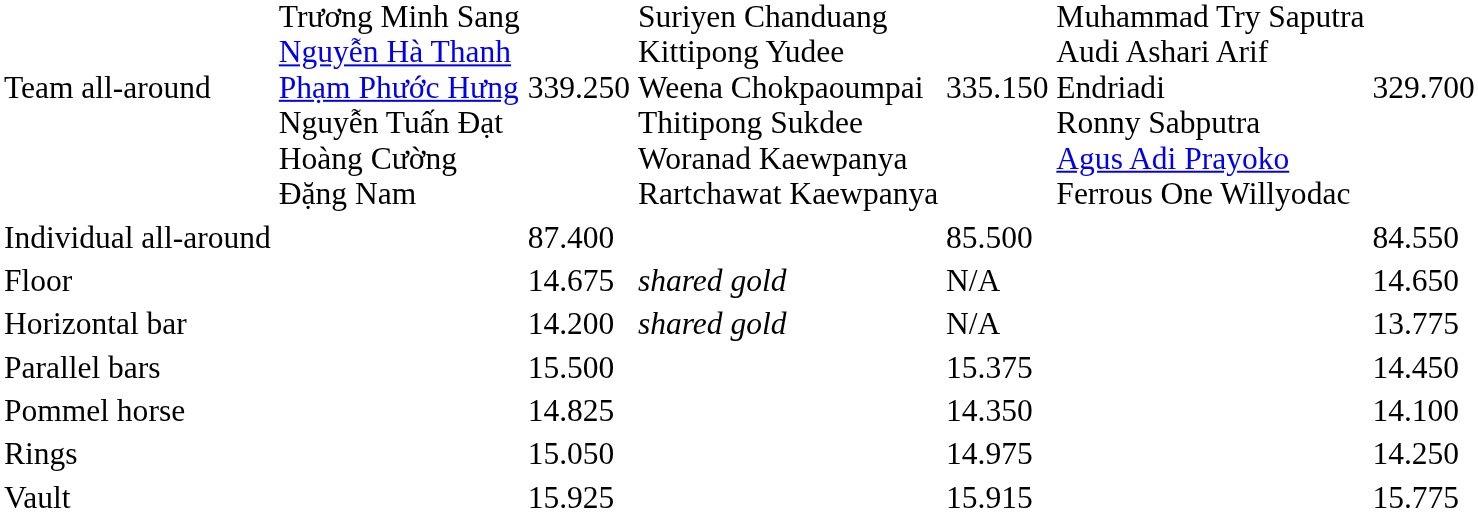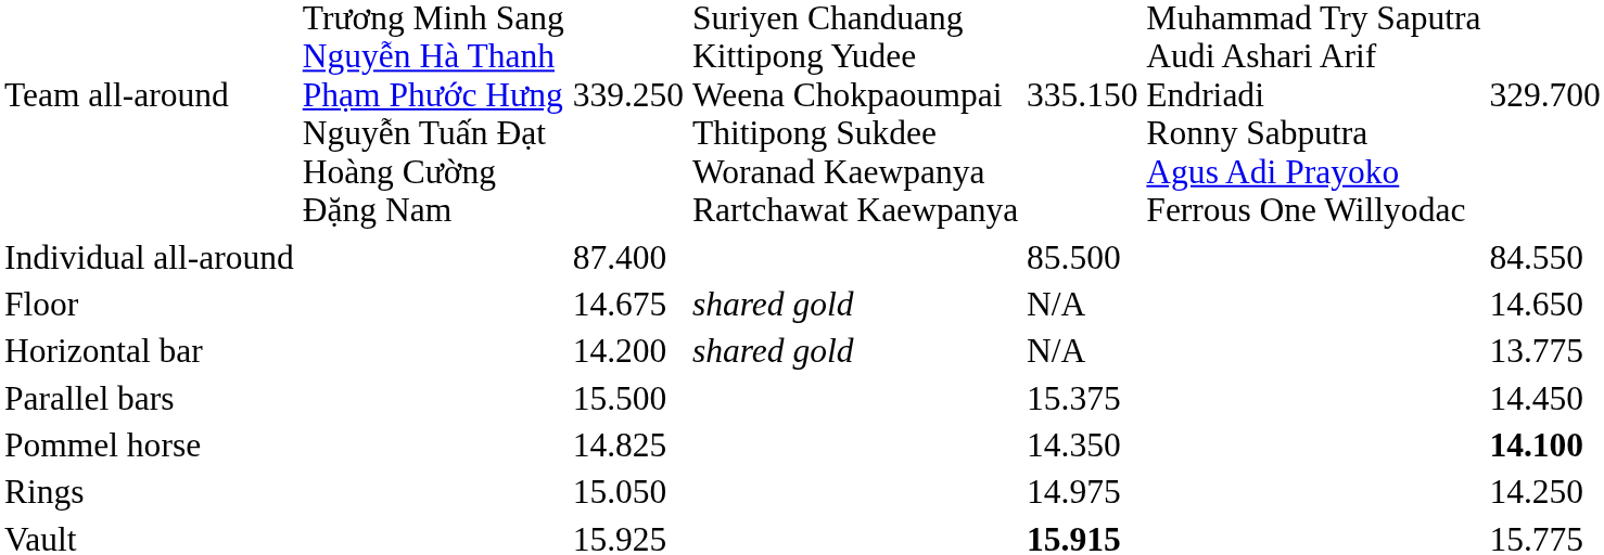 <table>
 <tr>
 <td>Team all-around</td>
 <td valign=top><br>Trương Minh Sang<br><a href='#'>Nguyễn Hà Thanh</a><br><a href='#'>Phạm Phước Hưng</a><br>Nguyễn Tuấn Đạt<br>Hoàng Cường<br>Đặng Nam</td>
 <td>339.250</td>
 <td valign=top><br>Suriyen Chanduang<br>Kittipong Yudee<br>Weena Chokpaoumpai<br>Thitipong Sukdee<br>Woranad Kaewpanya<br>Rartchawat Kaewpanya</td>
 <td>335.150</td>
 <td valign=top><br>Muhammad Try Saputra<br>Audi Ashari Arif<br>Endriadi<br>Ronny Sabputra<br><a href='#'>Agus Adi Prayoko</a><br>Ferrous One Willyodac</td>
 <td>329.700</td>
 </tr>
 <tr>
 <td>Individual all-around</td>
 <td></td>
 <td>87.400</td>
 <td></td>
 <td>85.500</td>
 <td></td>
 <td>84.550</td>
 </tr>
 <tr>
 <td rowspan=2>Floor</td>
 <td></td>
 <td rowspan=2>14.675</td>
 <td rowspan=2><em>shared gold</em></td>
 <td rowspan=2>N/A</td>
 <td rowspan=2></td>
 <td rowspan=2>14.650</td>
 </tr>
 <tr>
 <td></td>
 </tr>
 <tr>
 <td rowspan=2>Horizontal bar</td>
 <td></td>
 <td rowspan=2>14.200</td>
 <td rowspan=2><em>shared gold</em></td>
 <td rowspan=2>N/A</td>
 <td rowspan=2></td>
 <td rowspan=2>13.775</td>
 </tr>
 <tr>
 <td></td>
 </tr>
 <tr>
 <td>Parallel bars</td>
 <td></td>
 <td>15.500</td>
 <td></td>
 <td>15.375</td>
 <td></td>
 <td>14.450</td>
 </tr>
 <tr>
 <td>Pommel horse</td>
 <td></td>
 <td>14.825</td>
 <td></td>
 <td>14.350</td>
 <td></td>
-<td>14.100</td>
+<td><strong>14.100</strong></td>
 </tr>
 <tr>
 <td>Rings</td>
 <td></td>
 <td>15.050</td>
 <td></td>
 <td>14.975</td>
 <td></td>
 <td>14.250</td>
 </tr>
 <tr>
 <td>Vault</td>
 <td></td>
 <td>15.925</td>
 <td></td>
-<td>15.915</td>
+<td><strong>15.915</strong></td>
 <td></td>
 <td>15.775</td>
 </tr>
 </table>
